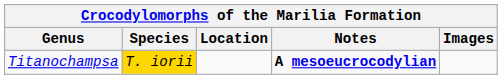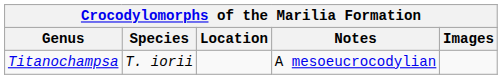 <table class="wikitable" align="center">
 <tr>
 <th colspan="7" align="center"><strong><a href='#'>Crocodylomorphs</a> of the Marilia Formation</strong></th>
 </tr>
 <tr>
 <th>Genus</th>
 <th>Species</th>
 <th>Location</th>
 <th>Notes</th>
 <th>Images</th>
 </tr>
 <tr>
 <td><em><a href='#'>Titanochampsa</a></em></td>
-<td style="background: gold;"><em>T. iorii</em></td>
+<td><em>T. iorii</em></td>
 <td></td>
-<td><strong>A <a href='#'>mesoeucrocodylian</a></strong></td>
+<td>A <a href='#'>mesoeucrocodylian</a></td>
 <td></td>
 </tr>
 </table>
